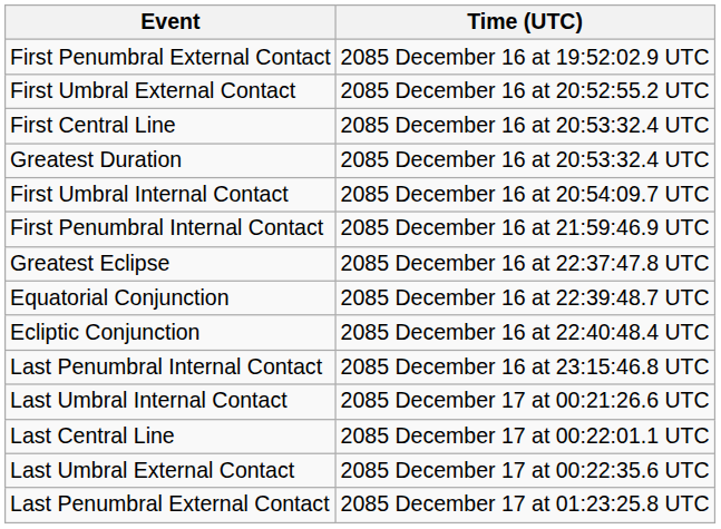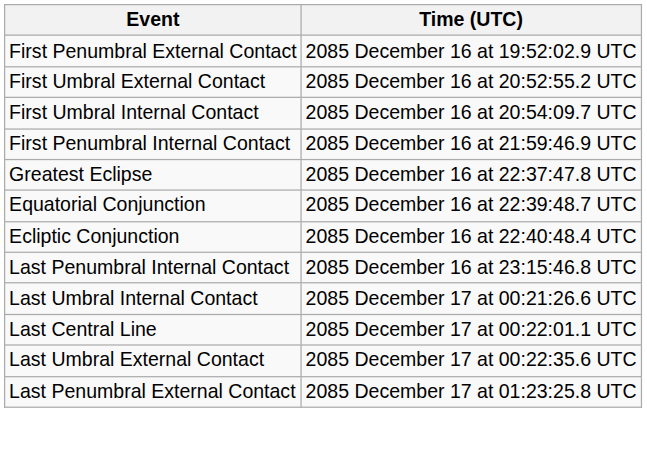 <table class="wikitable">
 <tr>
 <th>Event</th>
 <th>Time (UTC)</th>
 </tr>
 <tr>
 <td>First Penumbral External Contact</td>
 <td>2085 December 16 at 19:52:02.9 UTC</td>
 </tr>
 <tr>
 <td>First Umbral External Contact</td>
 <td>2085 December 16 at 20:52:55.2 UTC</td>
-</tr>
-<tr>
-<td>First Central Line</td>
-<td>2085 December 16 at 20:53:32.4 UTC</td>
-</tr>
-<tr>
-<td>Greatest Duration</td>
-<td>2085 December 16 at 20:53:32.4 UTC</td>
 </tr>
 <tr>
 <td>First Umbral Internal Contact</td>
 <td>2085 December 16 at 20:54:09.7 UTC</td>
 </tr>
 <tr>
 <td>First Penumbral Internal Contact</td>
 <td>2085 December 16 at 21:59:46.9 UTC</td>
 </tr>
 <tr>
 <td>Greatest Eclipse</td>
 <td>2085 December 16 at 22:37:47.8 UTC</td>
 </tr>
 <tr>
 <td>Equatorial Conjunction</td>
 <td>2085 December 16 at 22:39:48.7 UTC</td>
 </tr>
 <tr>
 <td>Ecliptic Conjunction</td>
 <td>2085 December 16 at 22:40:48.4 UTC</td>
 </tr>
 <tr>
 <td>Last Penumbral Internal Contact</td>
 <td>2085 December 16 at 23:15:46.8 UTC</td>
 </tr>
 <tr>
 <td>Last Umbral Internal Contact</td>
 <td>2085 December 17 at 00:21:26.6 UTC</td>
 </tr>
 <tr>
 <td>Last Central Line</td>
 <td>2085 December 17 at 00:22:01.1 UTC</td>
 </tr>
 <tr>
 <td>Last Umbral External Contact</td>
 <td>2085 December 17 at 00:22:35.6 UTC</td>
 </tr>
 <tr>
 <td>Last Penumbral External Contact</td>
 <td>2085 December 17 at 01:23:25.8 UTC</td>
 </tr>
 </table>
